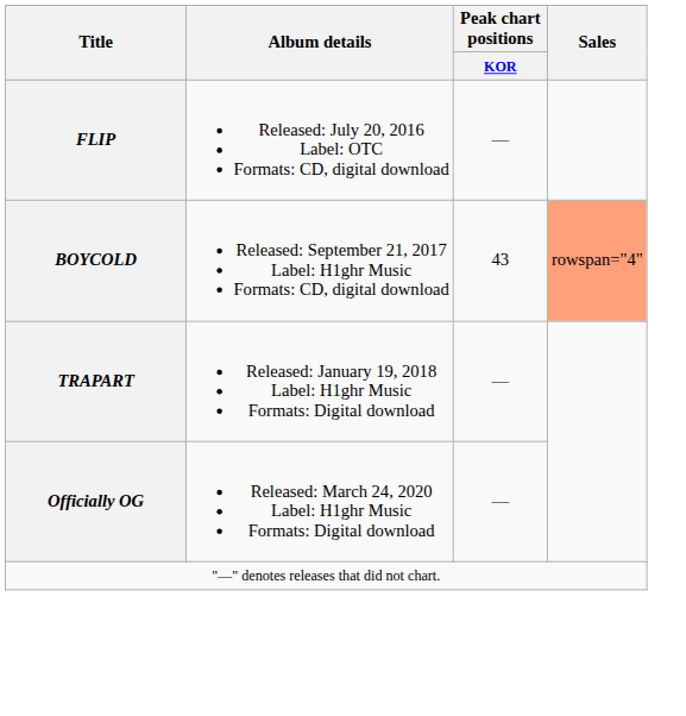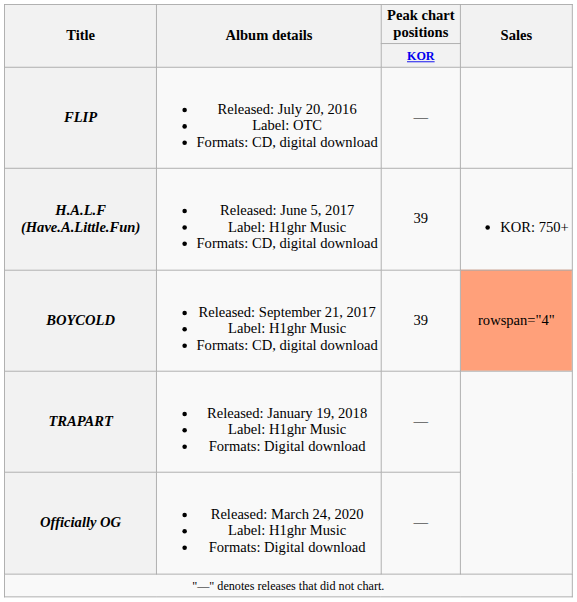 <table class="wikitable plainrowheaders" style="text-align:center;">
 <tr>
 <th scope="col" rowspan="2" style="width:10em;">Title</th>
 <th scope="col" rowspan="2">Album details</th>
 <th scope="col" colspan="1" style="width:5em;">Peak chart positions</th>
 <th scope="col" rowspan="2">Sales</th>
 </tr>
 <tr>
 <th><small><a href='#'>KOR</a></small><br></th>
 </tr>
 <tr>
 <th scope="row"><em>FLIP</em></th>
 <td><br><ul><li>Released: July 20, 2016</li><li>Label: OTC</li><li>Formats: CD, digital download</li></ul></td>
 <td>—</td>
 <td></td>
 </tr>
 <tr>
+<th scope="row"><em>H.A.L.F (Have.A.Little.Fun)</em></th>
+<td><br><ul><li>Released: June 5, 2017</li><li>Label: H1ghr Music</li><li>Formats: CD, digital download</li></ul></td>
+<td>39</td>
+<td><br><ul><li>KOR: 750+</li></ul></td>
+</tr>
+<tr>
 <th scope="row"><em>BOYCOLD</em></th>
 <td><br><ul><li>Released: September 21, 2017</li><li>Label: H1ghr Music</li><li>Formats: CD, digital download</li></ul></td>
-<td>43</td>
+<td>39</td>
 <td style="background: lightsalmon;">rowspan="4" </td>
 </tr>
 <tr>
 <th scope="row"><em>TRAPART</em></th>
 <td><br><ul><li>Released: January 19, 2018</li><li>Label: H1ghr Music</li><li>Formats: Digital download</li></ul></td>
 <td>—</td>
 </tr>
 <tr>
 <th scope="row"><em>Officially OG</em></th>
 <td><br><ul><li>Released: March 24, 2020</li><li>Label: H1ghr Music</li><li>Formats: Digital download</li></ul></td>
 <td>—</td>
 </tr>
 <tr>
 <td colspan="4"><small>"—" denotes releases that did not chart.</small></td>
 </tr>
 </table>
